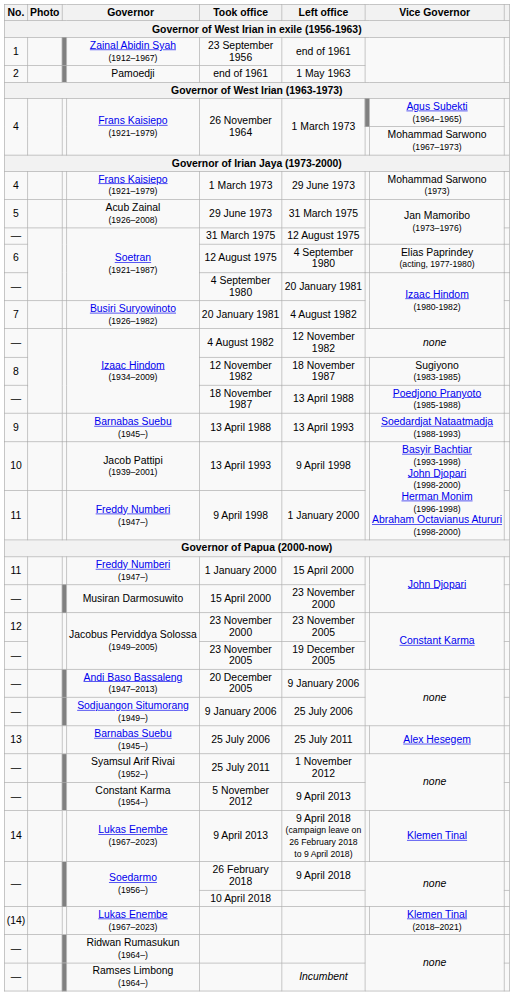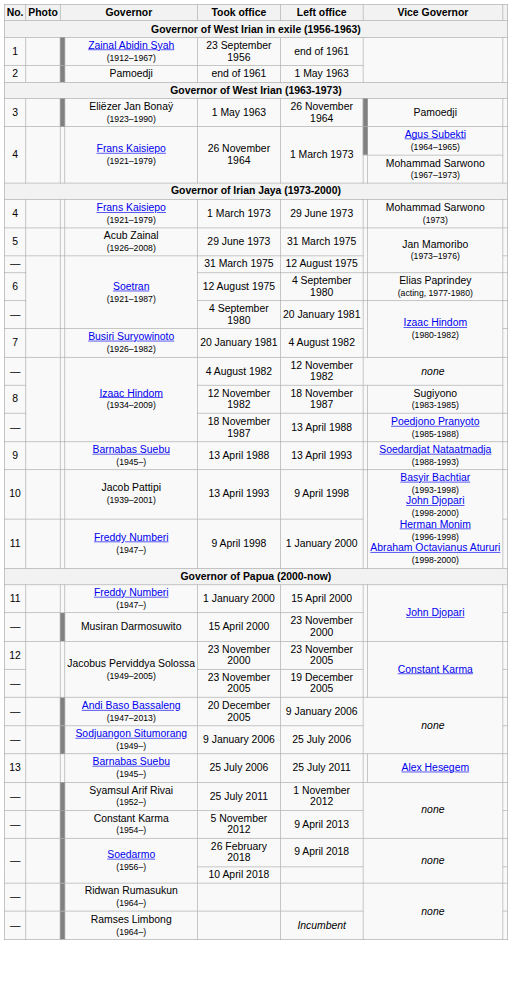 <table class="wikitable" style="text-align:center">
 <tr>
 <th>No.</th>
 <th>Photo</th>
 <th colspan="2">Governor</th>
 <th width=120>Took office</th>
 <th width=120>Left office</th>
 <th colspan="2">Vice Governor</th>
 <th></th>
 </tr>
 <tr>
 <th colspan="9">Governor of West Irian in exile (1956-1963)</th>
 </tr>
 <tr>
 <td>1</td>
 <td></td>
 <td bgcolor="gray"></td>
 <td><a href='#'>Zainal Abidin Syah</a><br><small>(1912–1967)</small></td>
 <td>23 September 1956</td>
 <td>end of 1961</td>
 <td colspan="2" rowspan="2"></td>
 <td rowspan="2"></td>
 </tr>
 <tr>
 <td>2</td>
 <td></td>
 <td bgcolor="gray"></td>
 <td>Pamoedji</td>
 <td>end of 1961</td>
 <td>1 May 1963</td>
 </tr>
 <tr>
 <th colspan="9">Governor of West Irian (1963-1973)</th>
+</tr>
+<tr>
+<td>3</td>
+<td></td>
+<td bgcolor="gray"></td>
+<td>Eliëzer Jan Bonaÿ<br><small>(1923–1990)</small></td>
+<td>1 May 1963</td>
+<td>26 November 1964</td>
+<td bgcolor="gray"></td>
+<td>Pamoedji</td>
+<td></td>
 </tr>
 <tr>
 <td rowspan="2">4</td>
 <td rowspan="2"></td>
 <td rowspan="2"></td>
 <td rowspan="2"><a href='#'>Frans Kaisiepo</a><br><small>(1921–1979)</small></td>
 <td rowspan="2">26 November 1964</td>
 <td rowspan="2">1 March 1973</td>
 <td bgcolor="gray"></td>
 <td><a href='#'>Agus Subekti</a><br><small>(1964–1965)</small></td>
 <td rowspan="2"></td>
 </tr>
 <tr>
 <td></td>
 <td>Mohammad Sarwono<br><small>(1967–1973)</small></td>
 </tr>
 <tr>
 <th colspan="9">Governor of Irian Jaya (1973-2000)</th>
 </tr>
 <tr>
 <td>4</td>
 <td></td>
 <td></td>
 <td><a href='#'>Frans Kaisiepo</a><br><small>(1921–1979)</small></td>
 <td>1 March 1973</td>
 <td>29 June 1973</td>
 <td></td>
 <td>Mohammad Sarwono<br><small>(1973)</small></td>
 <td></td>
 </tr>
 <tr>
 <td>5</td>
 <td></td>
 <td></td>
 <td>Acub Zainal<br><small>(1926–2008)</small></td>
 <td>29 June 1973</td>
 <td>31 March 1975</td>
 <td rowspan="3"></td>
 <td rowspan="3">Jan Mamoribo<br><small>(1973–1976)</small></td>
 <td></td>
 </tr>
 <tr>
 <td>—</td>
 <td rowspan="5"></td>
 <td rowspan="5"></td>
 <td rowspan="5"><a href='#'>Soetran</a><br><small>(1921–1987)</small></td>
 <td>31 March 1975</td>
 <td>12 August 1975</td>
 <td></td>
 </tr>
 <tr>
 <td rowspan="2">6</td>
 <td rowspan="2">12 August 1975</td>
 <td rowspan="2">4 September 1980</td>
 <td rowspan="2"></td>
 </tr>
 <tr>
 <td rowspan="2"></td>
 <td rowspan="2">Elias Paprindey<br><small>(acting, 1977-1980)</small></td>
 </tr>
 <tr>
 <td rowspan="2">—</td>
 <td rowspan="2">4 September 1980</td>
 <td rowspan="2">20 January 1981</td>
 <td rowspan="2"></td>
 </tr>
 <tr>
 <td rowspan="2"></td>
 <td rowspan="2"><a href='#'>Izaac Hindom</a><br><small>(1980-1982)</small></td>
 </tr>
 <tr>
 <td>7</td>
 <td></td>
 <td></td>
 <td><a href='#'>Busiri Suryowinoto</a><br><small>(1926–1982)</small></td>
 <td>20 January 1981</td>
 <td>4 August 1982</td>
 <td></td>
 </tr>
 <tr>
 <td>—</td>
 <td rowspan="4"></td>
 <td rowspan="4"></td>
 <td rowspan="4"><a href='#'>Izaac Hindom</a><br><small>(1934–2009)</small></td>
 <td>4 August 1982</td>
 <td>12 November 1982</td>
 <td colspan="2"><em>none</em></td>
 <td rowspan="3"></td>
 </tr>
 <tr>
 <td rowspan="2">8</td>
 <td rowspan="2">12 November 1982</td>
 <td rowspan="2">18 November 1987</td>
 <td></td>
 <td>Sugiyono<br><small>(1983-1985)</small></td>
 </tr>
 <tr>
 <td rowspan="3"></td>
 <td rowspan="3"><a href='#'>Poedjono Pranyoto</a><br><small>(1985-1988)</small></td>
 </tr>
 <tr>
 <td>—</td>
 <td>18 November 1987</td>
 <td>13 April 1988</td>
 <td></td>
 </tr>
 <tr>
 <td rowspan="2">9</td>
 <td rowspan="2"></td>
 <td rowspan="2"></td>
 <td rowspan="2"><a href='#'>Barnabas Suebu</a><br><small>(1945–)</small></td>
 <td rowspan="2">13 April 1988</td>
 <td rowspan="2">13 April 1993</td>
 <td rowspan="2"></td>
 </tr>
 <tr>
 <td rowspan="2"></td>
 <td rowspan="2"><a href='#'>Soedardjat Nataatmadja</a><br><small>(1988-1993)</small></td>
 </tr>
 <tr>
 <td rowspan="2">10</td>
 <td rowspan="2"></td>
 <td rowspan="2"></td>
 <td rowspan="2">Jacob Pattipi<br><small>(1939–2001)</small></td>
 <td rowspan="2">13 April 1993</td>
 <td rowspan="2">9 April 1998</td>
 <td rowspan="2"></td>
 </tr>
 <tr>
 <td rowspan="2"></td>
 <td rowspan="2"><a href='#'>Basyir Bachtiar</a><br><small>(1993-1998)</small><br><a href='#'>John Djopari</a><br><small>(1998-2000)</small><br><a href='#'>Herman Monim</a><br><small>(1996-1998)</small><br><a href='#'>Abraham Octavianus Atururi</a><br><small>(1998-2000)</small></td>
 </tr>
 <tr>
 <td>11</td>
 <td></td>
 <td></td>
 <td><a href='#'>Freddy Numberi</a><br><small>(1947–)</small></td>
 <td>9 April 1998</td>
 <td>1 January 2000</td>
 <td></td>
 </tr>
 <tr>
 <th colspan="9">Governor of Papua (2000-now)</th>
 </tr>
 <tr>
 <td>11</td>
 <td></td>
 <td></td>
 <td><a href='#'>Freddy Numberi</a><br><small>(1947–)</small></td>
 <td>1 January 2000</td>
 <td>15 April 2000</td>
 <td rowspan="2"></td>
 <td rowspan="2"><a href='#'>John Djopari</a></td>
 <td></td>
 </tr>
 <tr>
 <td>—</td>
 <td></td>
 <td bgcolor="gray"></td>
 <td>Musiran Darmosuwito</td>
 <td>15 April 2000</td>
 <td>23 November 2000</td>
 <td></td>
 </tr>
 <tr>
 <td>12</td>
 <td rowspan="2"></td>
 <td rowspan="2"></td>
 <td rowspan="2">Jacobus Perviddya Solossa<br><small>(1949–2005)</small></td>
 <td>23 November 2000</td>
 <td>23 November 2005</td>
 <td rowspan="2"></td>
 <td rowspan="2"><a href='#'>Constant Karma</a></td>
 <td></td>
 </tr>
 <tr>
 <td>—</td>
 <td>23 November 2005</td>
 <td>19 December 2005</td>
 <td></td>
 </tr>
 <tr>
 <td>—</td>
 <td></td>
 <td bgcolor="gray"></td>
 <td><a href='#'>Andi Baso Bassaleng</a><br><small>(1947–2013)</small></td>
 <td>20 December 2005</td>
 <td>9 January 2006</td>
 <td colspan="2" rowspan="2"><em>none</em></td>
 <td></td>
 </tr>
 <tr>
 <td>—</td>
 <td></td>
 <td bgcolor="gray"></td>
 <td><a href='#'>Sodjuangon Situmorang</a><br><small>(1949–)</small></td>
 <td>9 January 2006</td>
 <td>25 July 2006</td>
 <td></td>
 </tr>
 <tr>
 <td>13</td>
 <td></td>
 <td></td>
 <td><a href='#'>Barnabas Suebu</a><br><small>(1945–)</small></td>
 <td>25 July 2006</td>
 <td>25 July 2011</td>
 <td></td>
 <td><a href='#'>Alex Hesegem</a></td>
 <td></td>
 </tr>
 <tr>
 <td>—</td>
 <td></td>
 <td bgcolor="gray"></td>
 <td>Syamsul Arif Rivai<br><small>(1952–)</small></td>
 <td>25 July 2011</td>
 <td>1 November 2012</td>
 <td colspan="2" rowspan="2"><em>none</em></td>
 <td></td>
 </tr>
 <tr>
 <td>—</td>
 <td></td>
 <td bgcolor="gray"></td>
 <td>Constant Karma<br><small>(1954–)</small></td>
 <td>5 November 2012</td>
 <td>9 April 2013</td>
 <td></td>
 </tr>
 <tr>
-<td>14</td>
-<td></td>
-<td></td>
-<td><a href='#'>Lukas Enembe</a><br><small>(1967–2023)</small></td>
-<td>9 April 2013</td>
-<td>9 April 2018<br><small>(campaign leave on 26 February 2018 to 9 April 2018)</small></td>
-<td></td>
-<td><a href='#'>Klemen Tinal</a></td>
-<td></td>
-</tr>
-<tr>
 <td rowspan="2">—</td>
 <td rowspan="2"></td>
 <td rowspan="2" bgcolor="gray"></td>
 <td rowspan="2"><a href='#'>Soedarmo</a><br><small>(1956–)</small></td>
 <td>26 February 2018</td>
 <td>9 April 2018</td>
 <td colspan="2" rowspan="2"><em>none</em></td>
 <td></td>
 </tr>
 <tr>
 <td>10 April 2018</td>
 <td></td>
-<td></td>
-</tr>
-<tr>
-<td>(14)</td>
-<td></td>
-<td></td>
-<td><a href='#'>Lukas Enembe</a><br><small>(1967–2023)</small></td>
-<td></td>
-<td></td>
-<td></td>
-<td><a href='#'>Klemen Tinal</a><br><small>(2018–2021)</small></td>
 <td></td>
 </tr>
 <tr>
 <td>—</td>
 <td></td>
 <td bgcolor="gray"></td>
 <td>Ridwan Rumasukun<br><small>(1964–)</small></td>
 <td></td>
 <td></td>
 <td rowspan="2" colspan="2"><em>none</em></td>
 <td></td>
 </tr>
 <tr>
 <td>—</td>
 <td></td>
 <td bgcolor="gray"></td>
 <td>Ramses Limbong<br><small>(1964–)</small></td>
 <td></td>
 <td><em>Incumbent</em></td>
 <td></td>
 </tr>
 </table>
